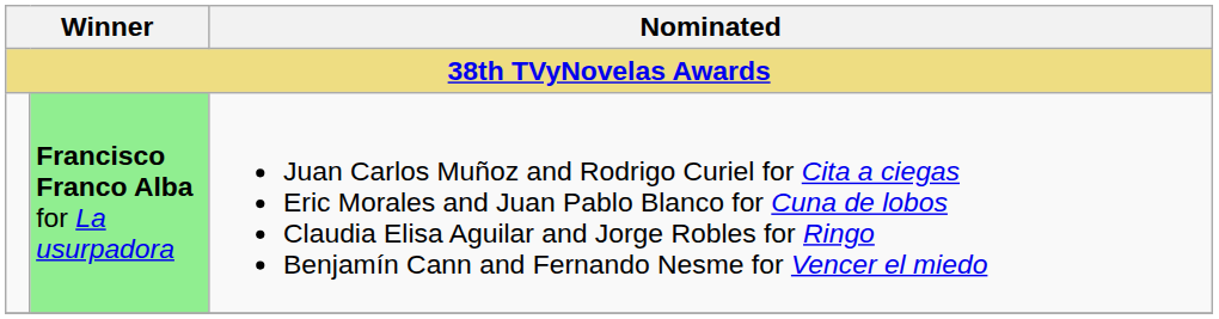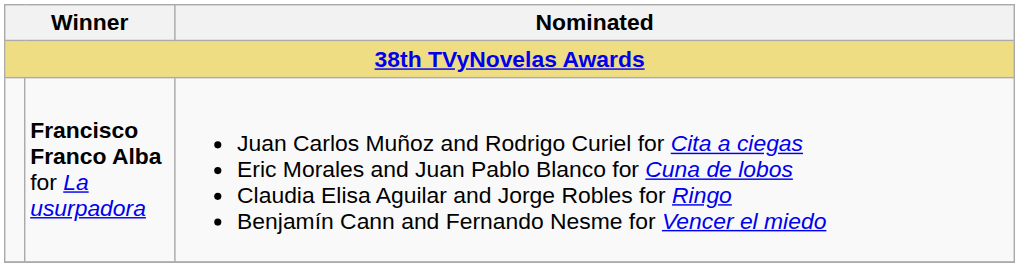 <table class="wikitable" width=80%>
 <tr align=center>
 <th width="150px;" colspan=2; align="center">Winner</th>
 <th width="580px;" align="center">Nominated</th>
 </tr>
 <tr>
 <th colspan=9 style="background:#EEDD82;"  align="center"><strong><a href='#'>38th TVyNovelas Awards</a></strong></th>
 </tr>
 <tr>
 <td width=2%></td>
-<td style="background: lightgreen;"><strong>Francisco Franco Alba</strong> for <em><a href='#'>La usurpadora</a></em></td>
+<td><strong>Francisco Franco Alba</strong> for <em><a href='#'>La usurpadora</a></em></td>
 <td><br><ul><li>Juan Carlos Muñoz and Rodrigo Curiel for <em><a href='#'>Cita a ciegas</a></em></li><li>Eric Morales and Juan Pablo Blanco for <em><a href='#'>Cuna de lobos</a></em></li><li>Claudia Elisa Aguilar and Jorge Robles for <em><a href='#'>Ringo</a></em></li><li>Benjamín Cann and Fernando Nesme for <em><a href='#'>Vencer el miedo</a></em></li></ul></td>
 </tr>
 <tr>
 </tr>
 </table>
